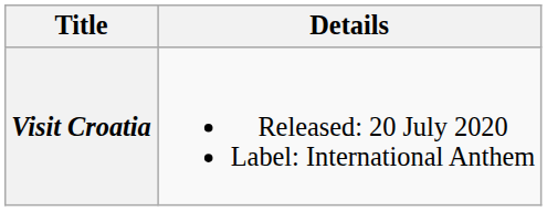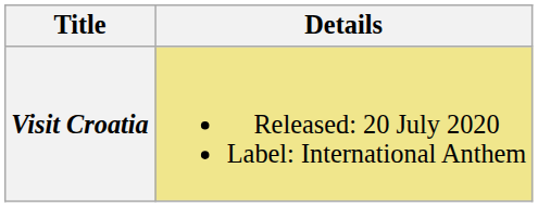 <table class="wikitable plainrowheaders" style="text-align:center;">
 <tr>
 <th>Title</th>
 <th>Details</th>
 </tr>
 <tr>
 <th scope="row"><em>Visit Croatia</em></th>
-<td><br><ul><li>Released: 20 July 2020</li><li>Label: International Anthem</li></ul></td>
+<td style="background: khaki;"><br><ul><li>Released: 20 July 2020</li><li>Label: International Anthem</li></ul></td>
 </tr>
 </table>
